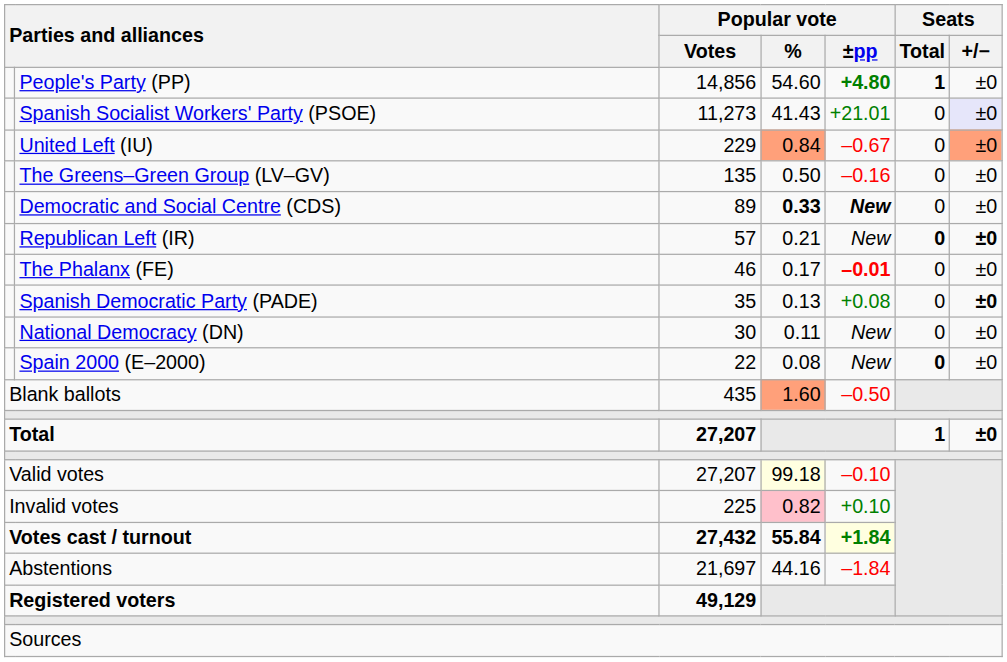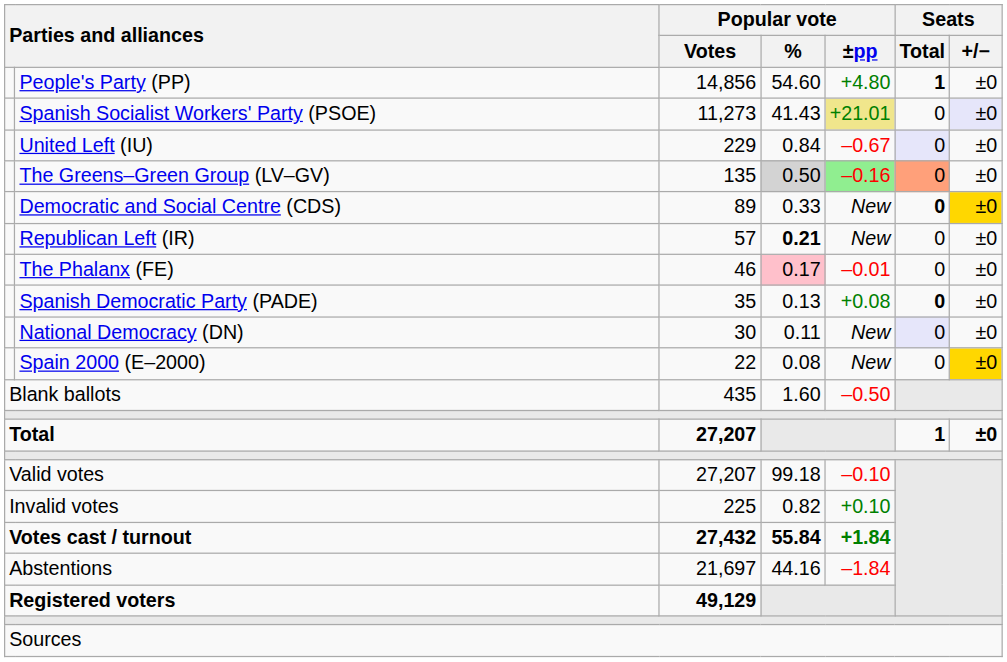 <table class="wikitable" style="text-align:right;">
 <tr>
 <th style="text-align:left;" rowspan="2" colspan="2" width="525">Parties and alliances</th>
 <th colspan="3">Popular vote</th>
 <th colspan="2">Seats</th>
 </tr>
 <tr>
 <th width="75">Votes</th>
 <th width="45">%</th>
 <th width="45">±<a href='#'>pp</a></th>
 <th width="35">Total</th>
 <th width="35">+/−</th>
 </tr>
 <tr>
 <td width="1" style="color:inherit;background:"></td>
 <td align="left"><a href='#'>People's Party</a> (PP)</td>
 <td>14,856</td>
 <td>54.60</td>
-<td style="color:green;"><strong>+4.80</strong></td>
+<td style="color:green;">+4.80</td>
 <td><strong>1</strong></td>
 <td>±0</td>
 </tr>
 <tr>
 <td style="color:inherit;background:"></td>
 <td align="left"><a href='#'>Spanish Socialist Workers' Party</a> (PSOE)</td>
 <td>11,273</td>
 <td>41.43</td>
-<td style="color:green;">+21.01</td>
+<td style="background: khaki; color:green;">+21.01</td>
 <td>0</td>
 <td style="background: lavender;">±0</td>
 </tr>
 <tr>
 <td style="color:inherit;background:"></td>
 <td align="left"><a href='#'>United Left</a> (IU)</td>
 <td>229</td>
-<td style="background: lightsalmon;">0.84</td>
+<td>0.84</td>
 <td style="color:red;">–0.67</td>
-<td>0</td>
-<td style="background: lightsalmon;">±0</td>
+<td style="background: lavender;">0</td>
+<td>±0</td>
 </tr>
 <tr>
 <td style="color:inherit;background:"></td>
 <td align="left"><a href='#'>The Greens–Green Group</a> (LV–GV)</td>
 <td>135</td>
-<td>0.50</td>
-<td style="color:red;">–0.16</td>
-<td>0</td>
+<td style="background: lightgrey;">0.50</td>
+<td style="background: lightgreen; color:red;">–0.16</td>
+<td style="background: lightsalmon;">0</td>
 <td>±0</td>
 </tr>
 <tr>
 <td style="color:inherit;background:"></td>
 <td align="left"><a href='#'>Democratic and Social Centre</a> (CDS)</td>
 <td>89</td>
-<td><strong>0.33</strong></td>
-<td><strong><em>New</em></strong></td>
+<td>0.33</td>
+<td><em>New</em></td>
+<td><strong>0</strong></td>
+<td style="background: gold;">±0</td>
+</tr>
+<tr>
+<td style="color:inherit;background:"></td>
+<td align="left"><a href='#'>Republican Left</a> (IR)</td>
+<td>57</td>
+<td><strong>0.21</strong></td>
+<td><em>New</em></td>
 <td>0</td>
 <td>±0</td>
 </tr>
 <tr>
 <td style="color:inherit;background:"></td>
-<td align="left"><a href='#'>Republican Left</a> (IR)</td>
-<td>57</td>
-<td>0.21</td>
-<td><em>New</em></td>
-<td><strong>0</strong></td>
-<td><strong>±0</strong></td>
-</tr>
-<tr>
-<td style="color:inherit;background:"></td>
 <td align="left"><a href='#'>The Phalanx</a> (FE)</td>
 <td>46</td>
-<td>0.17</td>
-<td style="color:red;"><strong>–0.01</strong></td>
+<td style="background: pink;">0.17</td>
+<td style="color:red;">–0.01</td>
 <td>0</td>
 <td>±0</td>
 </tr>
 <tr>
 <td style="color:inherit;background:"></td>
 <td align="left"><a href='#'>Spanish Democratic Party</a> (PADE)</td>
 <td>35</td>
 <td>0.13</td>
 <td style="color:green;">+0.08</td>
-<td>0</td>
-<td><strong>±0</strong></td>
+<td><strong>0</strong></td>
+<td>±0</td>
 </tr>
 <tr>
 <td style="color:inherit;background:"></td>
 <td align="left"><a href='#'>National Democracy</a> (DN)</td>
 <td>30</td>
 <td>0.11</td>
 <td><em>New</em></td>
-<td>0</td>
+<td style="background: lavender;">0</td>
 <td>±0</td>
 </tr>
 <tr>
 <td style="color:inherit;background:"></td>
 <td align="left"><a href='#'>Spain 2000</a> (E–2000)</td>
 <td>22</td>
 <td>0.08</td>
 <td><em>New</em></td>
-<td><strong>0</strong></td>
-<td>±0</td>
+<td>0</td>
+<td style="background: gold;">±0</td>
 </tr>
 <tr>
 <td align="left" colspan="2">Blank ballots</td>
 <td>435</td>
-<td style="background: lightsalmon;">1.60</td>
+<td>1.60</td>
 <td style="color:red;">–0.50</td>
 <td bgcolor="#E9E9E9" colspan="2"></td>
 </tr>
 <tr>
 <td colspan="7" bgcolor="#E9E9E9"></td>
 </tr>
 <tr style="font-weight:bold;">
 <td align="left" colspan="2">Total</td>
 <td>27,207</td>
 <td bgcolor="#E9E9E9" colspan="2"></td>
 <td>1</td>
 <td>±0</td>
 </tr>
 <tr>
 <td colspan="7" bgcolor="#E9E9E9"></td>
 </tr>
 <tr>
 <td align="left" colspan="2">Valid votes</td>
 <td>27,207</td>
-<td style="background: lightyellow;">99.18</td>
+<td>99.18</td>
 <td style="color:red;">–0.10</td>
 <td bgcolor="#E9E9E9" colspan="2" rowspan="5"></td>
 </tr>
 <tr>
 <td align="left" colspan="2">Invalid votes</td>
 <td>225</td>
-<td style="background: pink;">0.82</td>
+<td>0.82</td>
 <td style="color:green;">+0.10</td>
 </tr>
 <tr style="font-weight:bold;">
 <td align="left" colspan="2">Votes cast / turnout</td>
 <td>27,432</td>
 <td>55.84</td>
-<td style="background: lightyellow; color:green;">+1.84</td>
+<td style="color:green;">+1.84</td>
 </tr>
 <tr>
 <td align="left" colspan="2">Abstentions</td>
 <td>21,697</td>
 <td>44.16</td>
 <td style="color:red;">–1.84</td>
 </tr>
 <tr style="font-weight:bold;">
 <td align="left" colspan="2">Registered voters</td>
 <td>49,129</td>
 <td bgcolor="#E9E9E9" colspan="2"></td>
 </tr>
 <tr>
 <td colspan="7" bgcolor="#E9E9E9"></td>
 </tr>
 <tr>
 <td align="left" colspan="7">Sources</td>
 </tr>
 </table>
